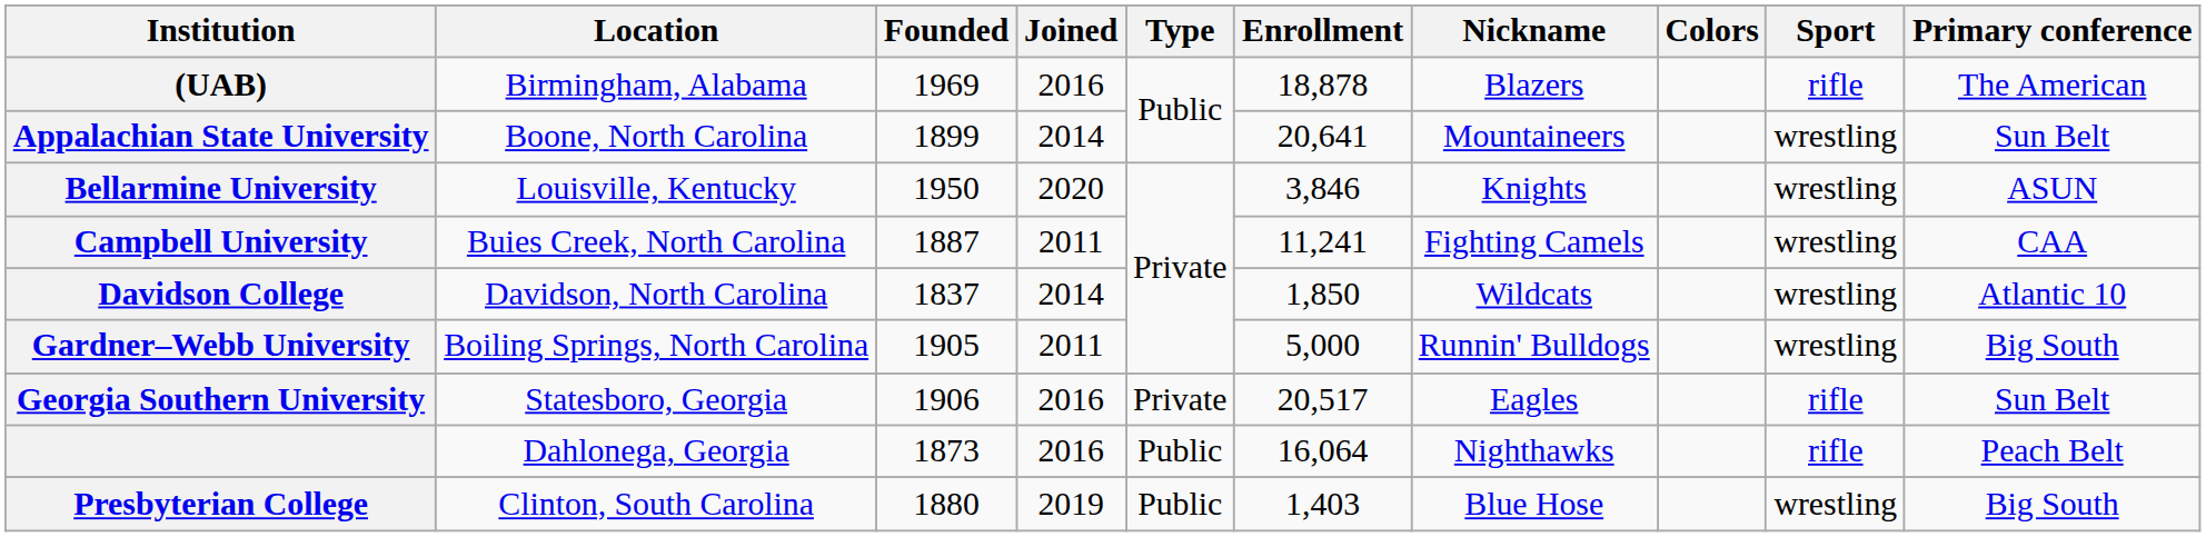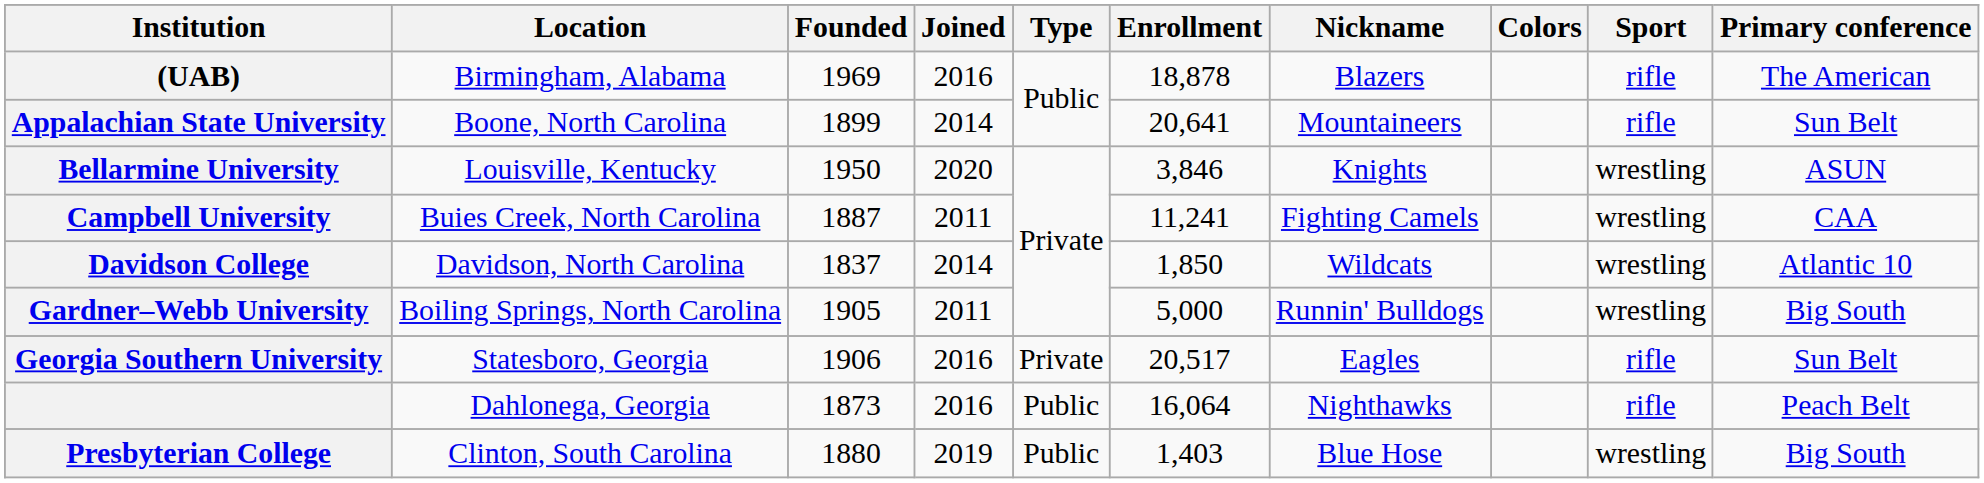 <table class="wikitable sortable" style="text-align:center;">
 <tr>
 <th>Institution</th>
 <th>Location</th>
 <th>Founded</th>
 <th>Joined</th>
 <th>Type</th>
 <th>Enrollment</th>
 <th>Nickname</th>
 <th class="unsortable">Colors</th>
 <th>Sport</th>
 <th>Primary conference</th>
 </tr>
 <tr>
 <th> (UAB)</th>
 <td><a href='#'>Birmingham, Alabama</a></td>
 <td>1969</td>
 <td>2016</td>
 <td rowspan="2">Public</td>
 <td>18,878</td>
 <td><a href='#'>Blazers</a></td>
 <td></td>
 <td><a href='#'>rifle</a></td>
 <td><a href='#'>The American</a></td>
 </tr>
 <tr>
 <th><a href='#'>Appalachian State University</a></th>
 <td><a href='#'>Boone, North Carolina</a></td>
 <td>1899</td>
 <td>2014</td>
 <td>20,641</td>
 <td><a href='#'>Mountaineers</a></td>
 <td></td>
-<td>wrestling</td>
+<td><a href='#'>rifle</a></td>
 <td><a href='#'>Sun Belt</a></td>
 </tr>
 <tr>
 <th><a href='#'>Bellarmine University</a></th>
 <td><a href='#'>Louisville, Kentucky</a></td>
 <td>1950</td>
 <td>2020</td>
 <td rowspan=4>Private</td>
 <td>3,846</td>
 <td><a href='#'>Knights</a></td>
 <td></td>
 <td>wrestling</td>
 <td><a href='#'>ASUN</a></td>
 </tr>
 <tr>
 <th><a href='#'>Campbell University</a></th>
 <td><a href='#'>Buies Creek, North Carolina</a></td>
 <td>1887</td>
 <td>2011</td>
 <td>11,241</td>
 <td><a href='#'>Fighting Camels</a></td>
 <td></td>
 <td>wrestling</td>
 <td><a href='#'>CAA</a></td>
 </tr>
 <tr>
 <th><a href='#'>Davidson College</a></th>
 <td><a href='#'>Davidson, North Carolina</a></td>
 <td>1837</td>
 <td>2014</td>
 <td>1,850</td>
 <td><a href='#'>Wildcats</a></td>
 <td></td>
 <td>wrestling</td>
 <td><a href='#'>Atlantic 10</a></td>
 </tr>
 <tr>
 <th><a href='#'>Gardner–Webb University</a></th>
 <td><a href='#'>Boiling Springs, North Carolina</a></td>
 <td>1905</td>
 <td>2011</td>
 <td>5,000</td>
 <td><a href='#'>Runnin' Bulldogs</a></td>
 <td></td>
 <td>wrestling</td>
 <td><a href='#'>Big South</a></td>
 </tr>
 <tr>
 <th><a href='#'>Georgia Southern University</a></th>
 <td><a href='#'>Statesboro, Georgia</a></td>
 <td>1906</td>
 <td>2016</td>
 <td>Private</td>
 <td>20,517</td>
 <td><a href='#'>Eagles</a></td>
 <td></td>
 <td><a href='#'>rifle</a></td>
 <td><a href='#'>Sun Belt</a></td>
 </tr>
 <tr>
 <th></th>
 <td><a href='#'>Dahlonega, Georgia</a></td>
 <td>1873</td>
 <td>2016</td>
 <td>Public</td>
 <td>16,064</td>
 <td><a href='#'>Nighthawks</a></td>
 <td></td>
 <td><a href='#'>rifle</a></td>
 <td><a href='#'>Peach Belt</a></td>
 </tr>
 <tr>
 <th><a href='#'>Presbyterian College</a></th>
 <td><a href='#'>Clinton, South Carolina</a></td>
 <td>1880</td>
 <td>2019</td>
 <td>Public</td>
 <td>1,403</td>
 <td><a href='#'>Blue Hose</a></td>
 <td></td>
 <td>wrestling</td>
 <td><a href='#'>Big South</a></td>
 </tr>
 </table>
